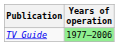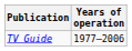 <table class="wikitable">
 <tr>
 <th>Publication</th>
 <th>Years of<br>operation</th>
 </tr>
 <tr>
 <td><em><a href='#'>TV Guide</a></em></td>
-<td style="background: lightgreen;">1977–2006</td>
+<td>1977–2006</td>
 </tr>
 </table>
